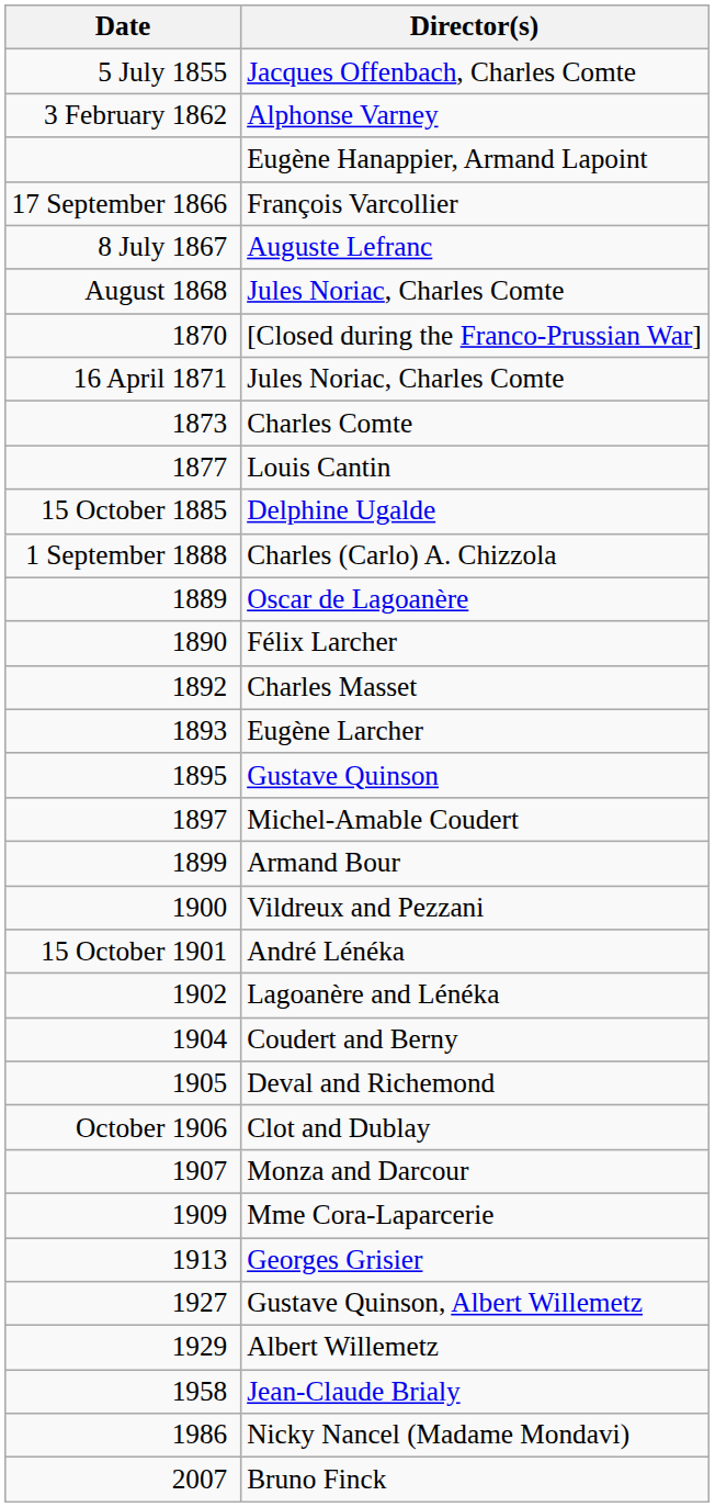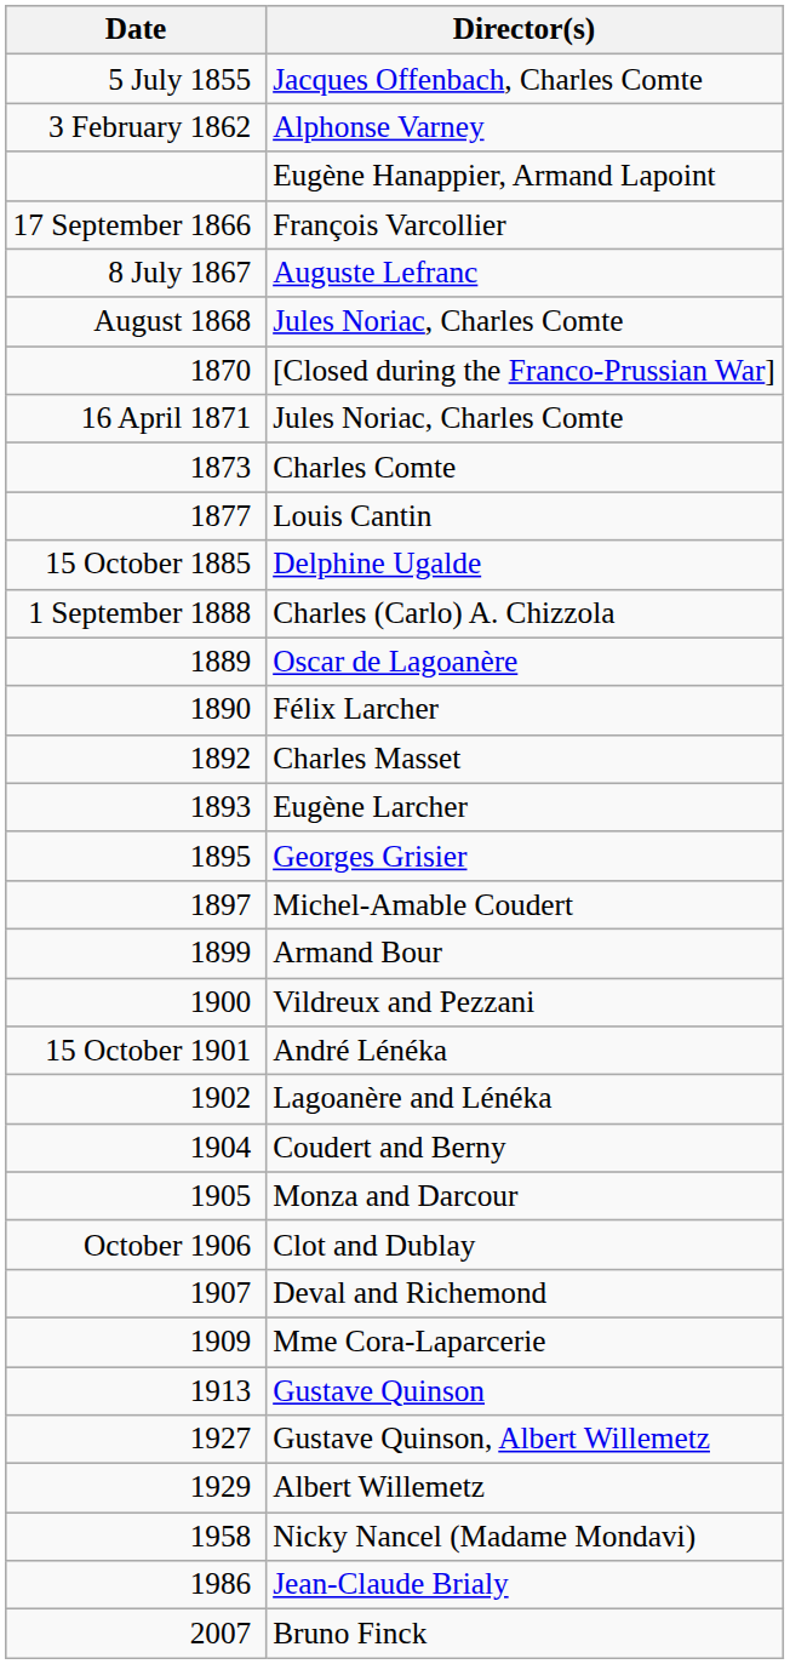 <table class="wikitable">
 <tr>
 <th>Date</th>
 <th>Director(s)</th>
 </tr>
 <tr>
 <td align="right">5 July 1855 </td>
 <td><a href='#'>Jacques Offenbach</a>, Charles Comte</td>
 </tr>
 <tr>
 <td align="right">3 February 1862 </td>
 <td><a href='#'>Alphonse Varney</a></td>
 </tr>
 <tr>
 <td align="right"></td>
 <td>Eugène Hanappier, Armand Lapoint</td>
 </tr>
 <tr>
 <td align="right">17 September 1866 </td>
 <td>François Varcollier</td>
 </tr>
 <tr>
 <td align="right">8 July 1867 </td>
 <td> <a href='#'>Auguste&nbsp;Lefranc</a></td>
 </tr>
 <tr>
 <td align="right">August 1868 </td>
 <td><a href='#'>Jules Noriac</a>, Charles Comte</td>
 </tr>
 <tr>
 <td align="right">1870 </td>
 <td>[Closed during the <a href='#'>Franco-Prussian War</a>]</td>
 </tr>
 <tr>
 <td align="right">16 April 1871 </td>
 <td>Jules Noriac, Charles Comte</td>
 </tr>
 <tr>
 <td align="right">1873 </td>
 <td>Charles Comte</td>
 </tr>
 <tr>
 <td align="right">1877 </td>
 <td>Louis Cantin</td>
 </tr>
 <tr>
 <td align="right">15 October 1885 </td>
 <td><a href='#'>Delphine Ugalde</a></td>
 </tr>
 <tr>
 <td align="right">1 September 1888 </td>
 <td>Charles (Carlo) A. Chizzola</td>
 </tr>
 <tr>
 <td align="right">1889 </td>
 <td><a href='#'>Oscar de Lagoanère</a></td>
 </tr>
 <tr>
 <td align="right">1890 </td>
 <td>Félix Larcher</td>
 </tr>
 <tr>
 <td align="right">1892 </td>
 <td>Charles Masset</td>
 </tr>
 <tr>
 <td align="right">1893 </td>
 <td>Eugène Larcher</td>
 </tr>
 <tr>
 <td align="right">1895 </td>
-<td><a href='#'>Gustave Quinson</a></td>
+<td><a href='#'>Georges Grisier</a></td>
 </tr>
 <tr>
 <td align="right">1897 </td>
 <td>Michel-Amable Coudert</td>
 </tr>
 <tr>
 <td align="right">1899 </td>
 <td>Armand Bour</td>
 </tr>
 <tr>
 <td align="right">1900 </td>
 <td>Vildreux and Pezzani</td>
 </tr>
 <tr>
 <td align="right">15 October 1901 </td>
 <td>André Lénéka</td>
 </tr>
 <tr>
 <td align="right">1902 </td>
 <td>Lagoanère and Lénéka</td>
 </tr>
 <tr>
 <td align="right">1904 </td>
 <td>Coudert and Berny</td>
 </tr>
 <tr>
 <td align="right">1905 </td>
-<td>Deval and Richemond</td>
+<td>Monza and Darcour</td>
 </tr>
 <tr>
 <td align="right">October 1906 </td>
 <td>Clot and Dublay</td>
 </tr>
 <tr>
 <td align="right">1907 </td>
-<td>Monza and Darcour</td>
+<td>Deval and Richemond</td>
 </tr>
 <tr>
 <td align="right">1909 </td>
 <td>Mme Cora-Laparcerie</td>
 </tr>
 <tr>
 <td align="right">1913 </td>
-<td><a href='#'>Georges Grisier</a></td>
+<td><a href='#'>Gustave Quinson</a></td>
 </tr>
 <tr>
 <td align="right">1927 </td>
 <td>Gustave Quinson, <a href='#'>Albert Willemetz</a></td>
 </tr>
 <tr>
 <td align="right">1929 </td>
 <td>Albert Willemetz</td>
 </tr>
 <tr>
 <td align="right">1958 </td>
-<td><a href='#'>Jean-Claude Brialy</a></td>
+<td>Nicky Nancel (Madame Mondavi)</td>
 </tr>
 <tr>
 <td align="right">1986 </td>
-<td>Nicky Nancel (Madame Mondavi)</td>
+<td><a href='#'>Jean-Claude Brialy</a></td>
 </tr>
 <tr>
 <td align="right">2007 </td>
 <td>Bruno Finck</td>
 </tr>
 </table>
